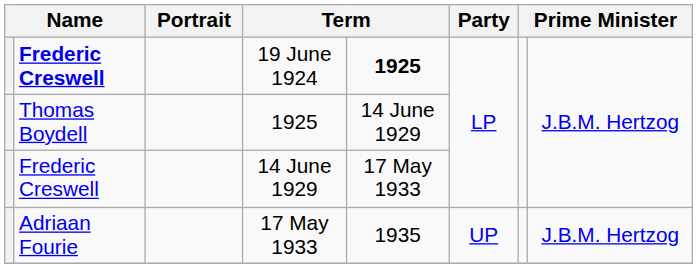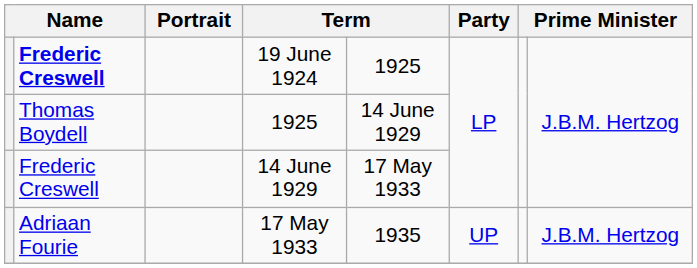 <table class="wikitable" width=60%>
 <tr>
 <th colspan=2 width=20%>Name</th>
 <th width=75>Portrait</th>
 <th colspan=2 width=30%>Term</th>
 <th width=10%>Party</th>
 <th colspan=2 width=25%>Prime Minister</th>
 </tr>
 <tr style="text-align:center">
 <th style="width:1%;background-color: "></th>
 <td align=left><strong><a href='#'>Frederic Creswell</a></strong></td>
 <td></td>
 <td>19 June 1924</td>
-<td><strong>1925</strong></td>
+<td>1925</td>
 <td rowspan=3><a href='#'>LP</a></td>
 <td rowspan=3 style="width:1%;background-color: "></td>
 <td rowspan=3><a href='#'>J.B.M. Hertzog</a><br></td>
 </tr>
 <tr style="text-align:center">
 <th style="width:1%;background-color: "></th>
 <td align=left><a href='#'>Thomas Boydell</a></td>
 <td></td>
 <td>1925</td>
 <td>14 June 1929</td>
 </tr>
 <tr style="text-align:center">
 <th style="width:1%;background-color: "></th>
 <td align=left><a href='#'>Frederic Creswell</a></td>
 <td></td>
 <td>14 June 1929</td>
 <td>17 May 1933</td>
 </tr>
 <tr style="text-align:center">
 <th style="width:1%;background-color: "></th>
 <td align=left><a href='#'>Adriaan Fourie</a></td>
 <td></td>
 <td>17 May 1933</td>
 <td>1935</td>
 <td><a href='#'>UP</a></td>
 <td style="width:1%;background-color: "></td>
 <td><a href='#'>J.B.M. Hertzog</a><br></td>
 </tr>
 <tr>
 </tr>
 </table>
